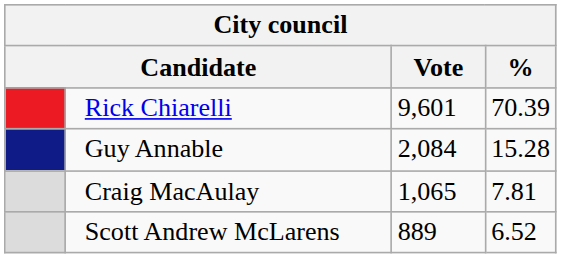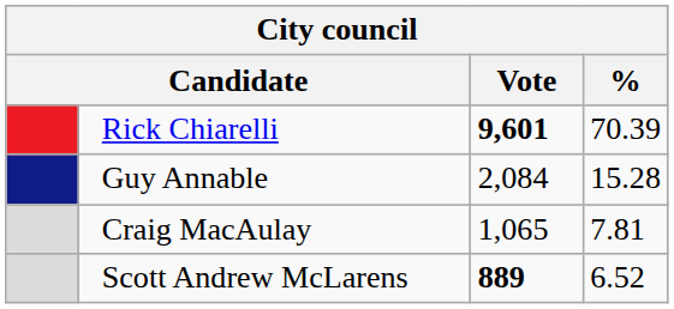 <table class="wikitable">
 <tr>
 <th colspan="4">City council</th>
 </tr>
 <tr>
 <th bgcolor="#DDDDFF" width="230px" colspan="2">Candidate</th>
 <th bgcolor="#DDDDFF" width="50px">Vote</th>
 <th bgcolor="#DDDDFF" width="30px">%</th>
 </tr>
 <tr>
 <td bgcolor=#EC1B23 width="30px"> </td>
 <td>  <a href='#'>Rick Chiarelli</a></td>
-<td>9,601</td>
+<td><strong>9,601</strong></td>
 <td>70.39</td>
 </tr>
 <tr>
 <td bgcolor=#0F1C87 width="30px"> </td>
 <td>  Guy Annable</td>
 <td>2,084</td>
 <td>15.28</td>
 </tr>
 <tr>
 <td bgcolor=#DCDCDC width="30px"> </td>
 <td>  Craig MacAulay</td>
 <td>1,065</td>
 <td>7.81</td>
 </tr>
 <tr>
 <td bgcolor=#DCDCDC width="30px"> </td>
 <td>  Scott Andrew McLarens</td>
-<td>889</td>
+<td><strong>889</strong></td>
 <td>6.52</td>
 </tr>
 </table>
